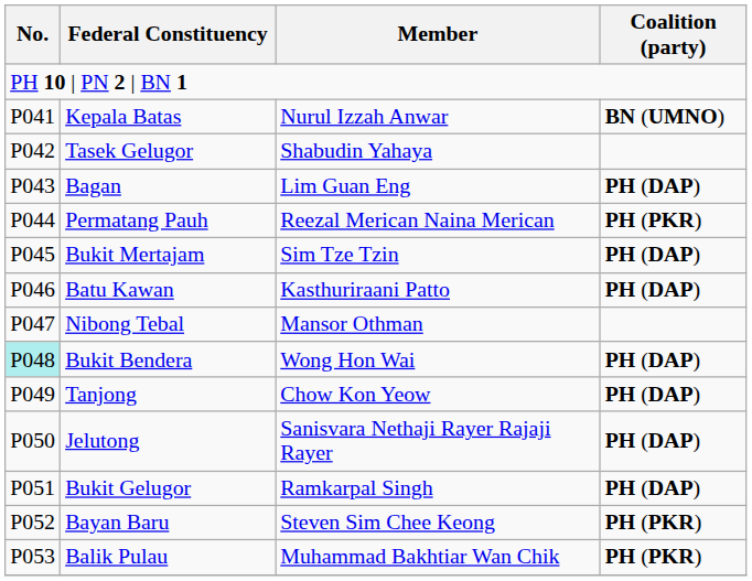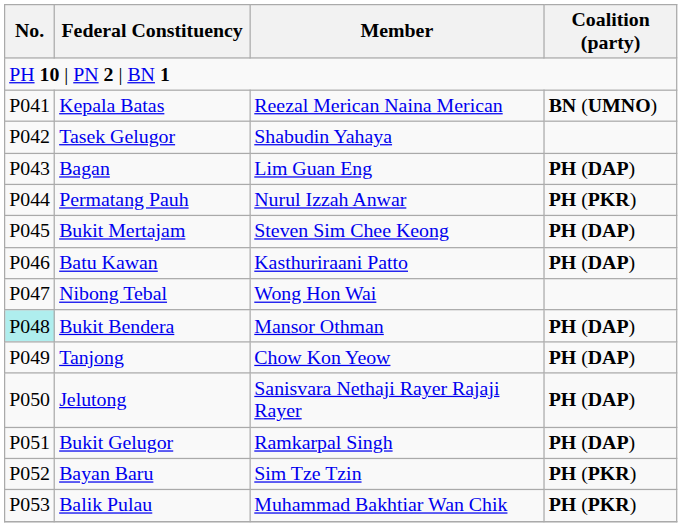 <table class="wikitable sortable">
 <tr>
 <th style="width:30px;">No.</th>
 <th style="width:150px;">Federal Constituency</th>
 <th style="width:230px;">Member</th>
 <th style="width:100px;">Coalition (party)</th>
 </tr>
 <tr>
 <td colspan="4"><a href='#'>PH</a> <strong>10</strong> | <a href='#'>PN</a> <strong>2</strong> | <a href='#'>BN</a> <strong>1</strong></td>
 </tr>
 <tr>
 <td>P041</td>
 <td><a href='#'>Kepala Batas</a></td>
-<td><a href='#'>Nurul Izzah Anwar</a></td>
+<td><a href='#'>Reezal Merican Naina Merican</a></td>
 <td><strong>BN</strong> (<strong>UMNO</strong>)</td>
 </tr>
 <tr>
 <td>P042</td>
 <td><a href='#'>Tasek Gelugor</a></td>
 <td><a href='#'>Shabudin Yahaya</a></td>
 <td></td>
 </tr>
 <tr>
 <td>P043</td>
 <td><a href='#'>Bagan</a></td>
 <td><a href='#'>Lim Guan Eng</a></td>
 <td><strong>PH</strong> (<strong>DAP</strong>)</td>
 </tr>
 <tr>
 <td>P044</td>
 <td><a href='#'>Permatang Pauh</a></td>
-<td><a href='#'>Reezal Merican Naina Merican</a></td>
+<td><a href='#'>Nurul Izzah Anwar</a></td>
 <td><strong>PH</strong> (<strong>PKR</strong>)</td>
 </tr>
 <tr>
 <td>P045</td>
 <td><a href='#'>Bukit Mertajam</a></td>
-<td><a href='#'>Sim Tze Tzin</a></td>
+<td><a href='#'>Steven Sim Chee Keong</a></td>
 <td><strong>PH</strong> (<strong>DAP</strong>)</td>
 </tr>
 <tr>
 <td>P046</td>
 <td><a href='#'>Batu Kawan</a></td>
 <td><a href='#'>Kasthuriraani Patto</a></td>
 <td><strong>PH</strong> (<strong>DAP</strong>)</td>
 </tr>
 <tr>
 <td>P047</td>
 <td><a href='#'>Nibong Tebal</a></td>
-<td><a href='#'>Mansor Othman</a></td>
+<td><a href='#'>Wong Hon Wai</a></td>
 <td></td>
 </tr>
 <tr>
 <td style="background: paleturquoise;">P048</td>
 <td><a href='#'>Bukit Bendera</a></td>
-<td><a href='#'>Wong Hon Wai</a></td>
+<td><a href='#'>Mansor Othman</a></td>
 <td><strong>PH</strong> (<strong>DAP</strong>)</td>
 </tr>
 <tr>
 <td>P049</td>
 <td><a href='#'>Tanjong</a></td>
 <td><a href='#'>Chow Kon Yeow</a></td>
 <td><strong>PH</strong> (<strong>DAP</strong>)</td>
 </tr>
 <tr>
 <td>P050</td>
 <td><a href='#'>Jelutong</a></td>
 <td><a href='#'>Sanisvara Nethaji Rayer Rajaji Rayer</a></td>
 <td><strong>PH</strong> (<strong>DAP</strong>)</td>
 </tr>
 <tr>
 <td>P051</td>
 <td><a href='#'>Bukit Gelugor</a></td>
 <td><a href='#'>Ramkarpal Singh</a></td>
 <td><strong>PH</strong> (<strong>DAP</strong>)</td>
 </tr>
 <tr>
 <td>P052</td>
 <td><a href='#'>Bayan Baru</a></td>
-<td><a href='#'>Steven Sim Chee Keong</a></td>
+<td><a href='#'>Sim Tze Tzin</a></td>
 <td><strong>PH</strong> (<strong>PKR</strong>)</td>
 </tr>
 <tr>
 <td>P053</td>
 <td><a href='#'>Balik Pulau</a></td>
 <td><a href='#'>Muhammad Bakhtiar Wan Chik</a></td>
 <td><strong>PH</strong> (<strong>PKR</strong>)</td>
 </tr>
 <tr>
 </tr>
 </table>
